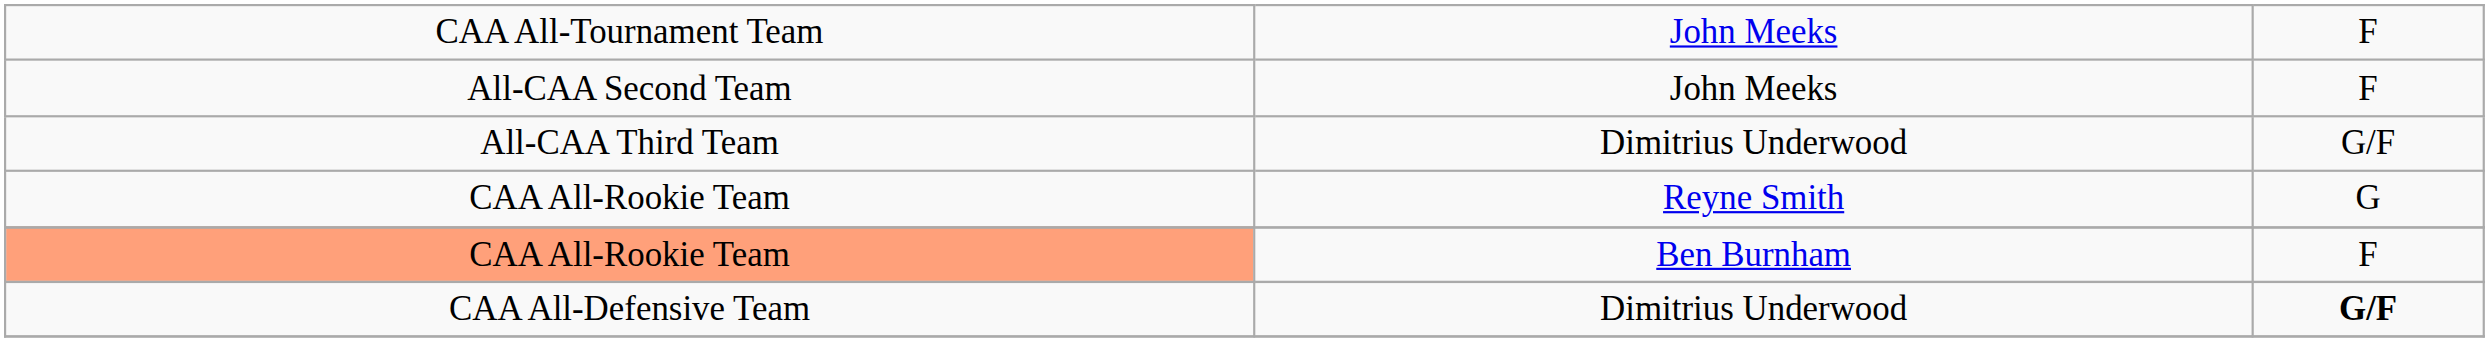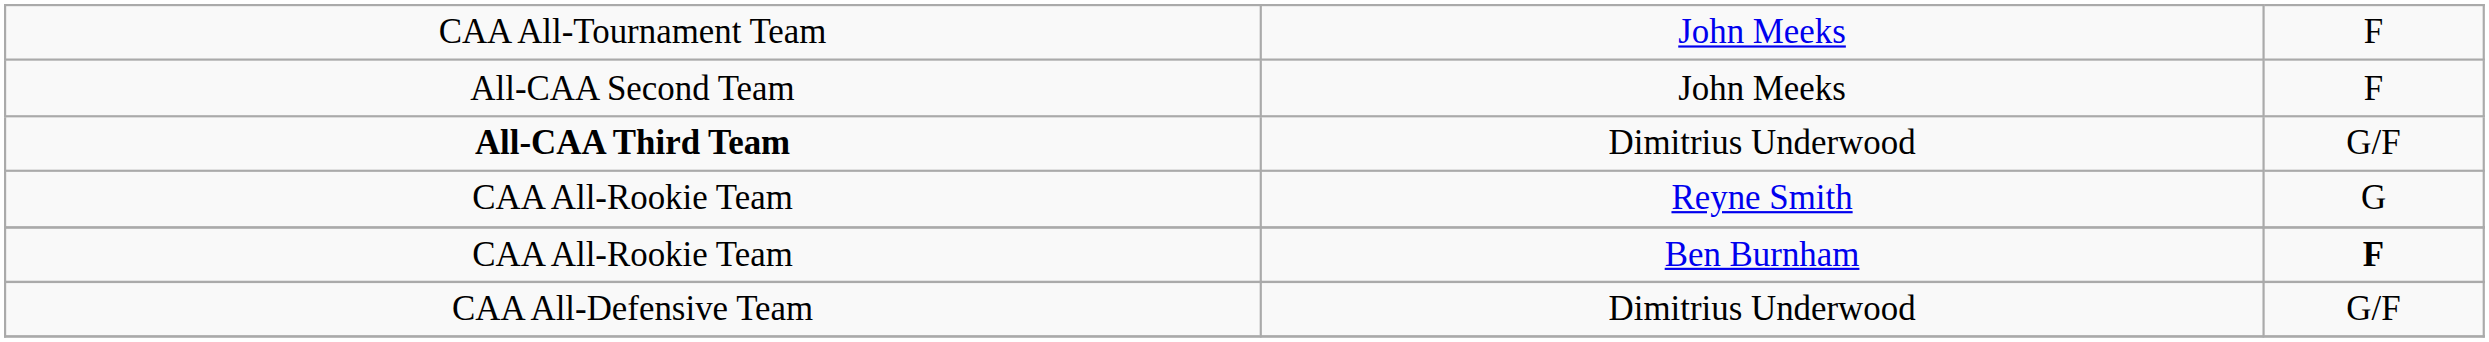 <table class="wikitable" style="width: 90%;text-align: center;">
 <tr align="center">
 <td rowspan="1">CAA All-Tournament Team</td>
 <td><a href='#'>John Meeks</a></td>
 <td>F</td>
 </tr>
 <tr align="center">
 <td rowspan="1">All-CAA Second Team</td>
 <td>John Meeks</td>
 <td>F</td>
 </tr>
 <tr align="center">
-<td rowspan="1">All-CAA Third Team</td>
+<td rowspan="1"><strong>All-CAA Third Team</strong></td>
 <td>Dimitrius Underwood</td>
 <td>G/F</td>
 </tr>
 <tr align="center">
 <td rowspan="1">CAA All-Rookie Team</td>
 <td><a href='#'>Reyne Smith</a></td>
 <td>G</td>
 </tr>
 <tr>
 </tr>
 <tr align="center">
-<td rowspan="1" style="background: lightsalmon;">CAA All-Rookie Team</td>
+<td rowspan="1">CAA All-Rookie Team</td>
 <td><a href='#'>Ben Burnham</a></td>
-<td>F</td>
+<td><strong>F</strong></td>
 </tr>
 <tr>
 </tr>
 <tr align="center">
 <td rowspan="1">CAA All-Defensive Team</td>
 <td>Dimitrius Underwood</td>
-<td><strong>G/F</strong></td>
+<td>G/F</td>
 </tr>
 <tr>
 </tr>
 </table>
